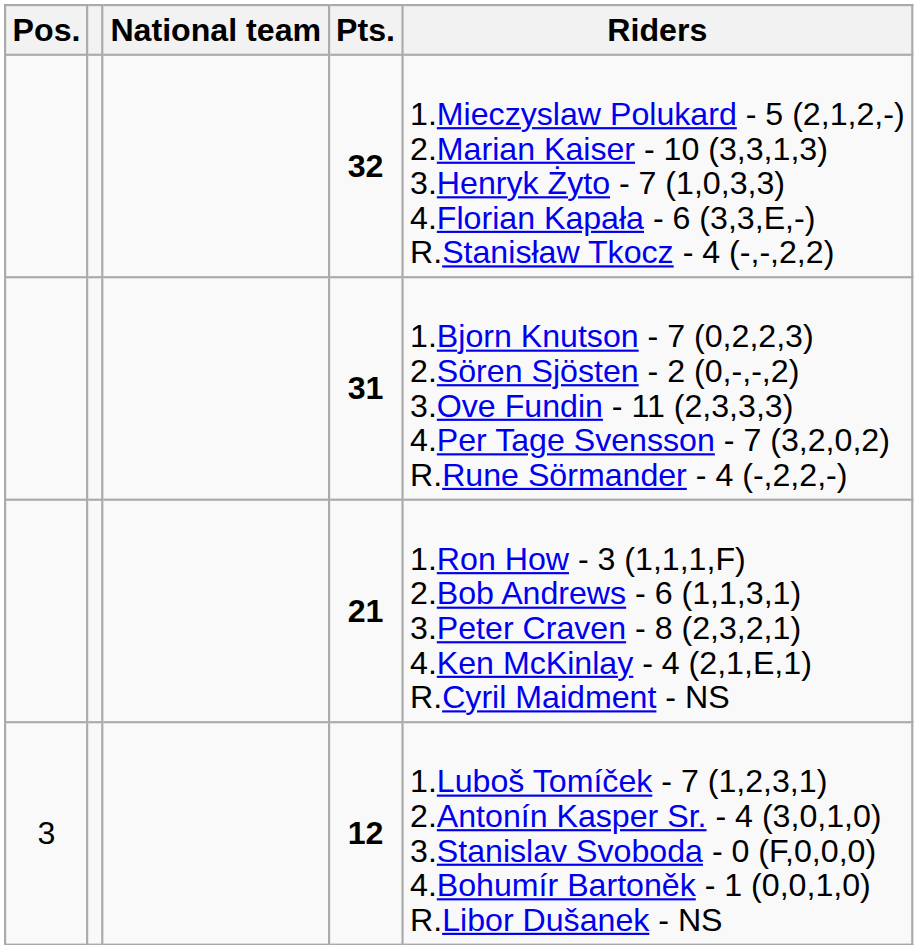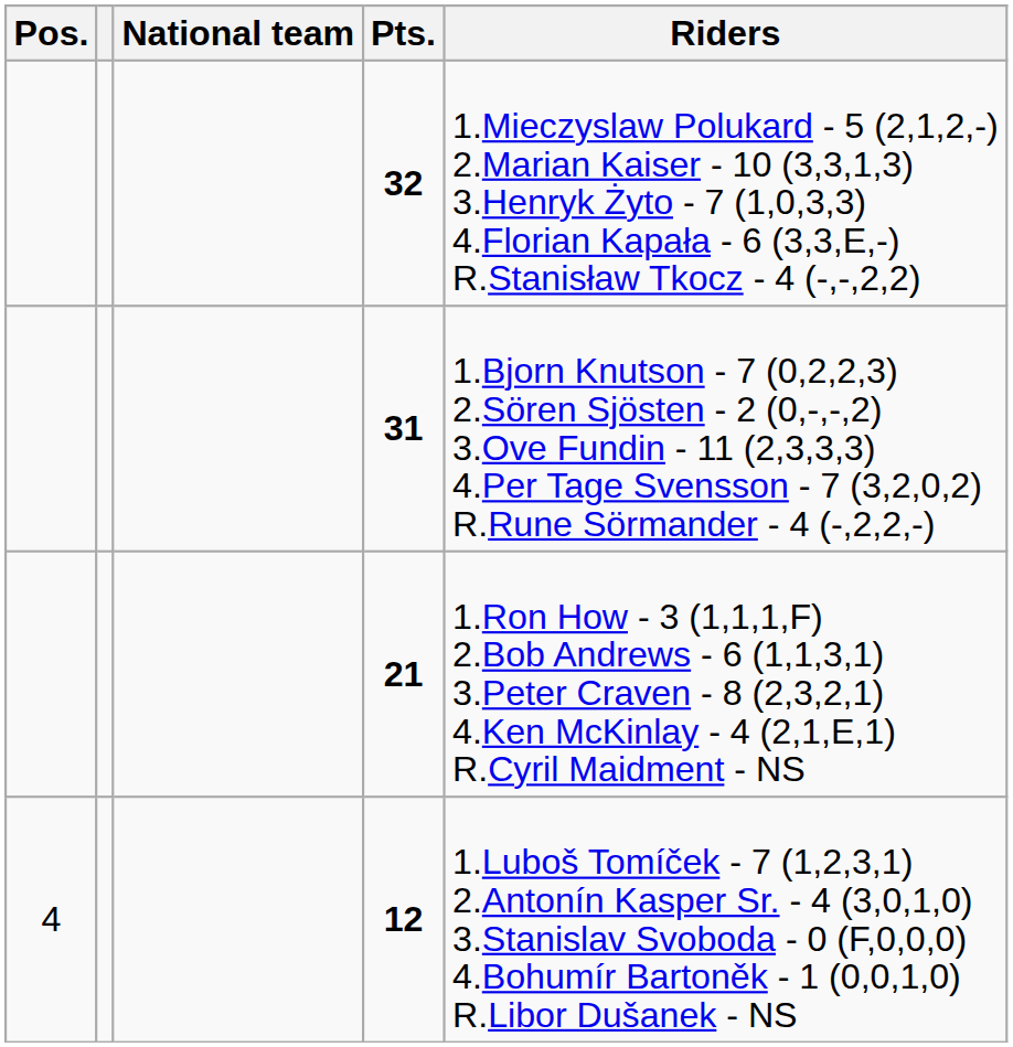 <table class=wikitable style="font-size:93%;">
 <tr>
 <th>Pos.</th>
 <th></th>
 <th>National team</th>
 <th>Pts.</th>
 <th>Riders</th>
 </tr>
 <tr align=center >
 <td></td>
 <td></td>
 <td align=left></td>
 <td><strong>32</strong></td>
 <td align=left><br>1.<a href='#'>Mieczyslaw Polukard</a> - 5 (2,1,2,-)<br> 2.<a href='#'>Marian Kaiser</a> - 10 (3,3,1,3)<br> 3.<a href='#'>Henryk Żyto</a> - 7 (1,0,3,3)<br> 4.<a href='#'>Florian Kapała</a> - 6 (3,3,E,-)<br> R.<a href='#'>Stanisław Tkocz</a> - 4 (-,-,2,2)</td>
 </tr>
 <tr align=center >
 <td></td>
 <td></td>
 <td align=left></td>
 <td><strong>31</strong></td>
 <td align=left><br>1.<a href='#'>Bjorn Knutson</a> - 7 (0,2,2,3)<br> 2.<a href='#'>Sören Sjösten</a> - 2 (0,-,-,2)<br> 3.<a href='#'>Ove Fundin</a> - 11 (2,3,3,3)<br> 4.<a href='#'>Per Tage Svensson</a> - 7 (3,2,0,2)<br> R.<a href='#'>Rune Sörmander</a> - 4 (-,2,2,-)</td>
 </tr>
 <tr align=center >
 <td></td>
 <td></td>
 <td align=left></td>
 <td><strong>21</strong></td>
 <td align=left><br>1.<a href='#'>Ron How</a> - 3 (1,1,1,F)<br> 2.<a href='#'>Bob Andrews</a> - 6 (1,1,3,1)<br> 3.<a href='#'>Peter Craven</a> - 8 (2,3,2,1)<br> 4.<a href='#'>Ken McKinlay</a> - 4 (2,1,E,1)<br> R.<a href='#'>Cyril Maidment</a> - NS</td>
 </tr>
 <tr align=center>
-<td>3</td>
+<td>4</td>
 <td></td>
 <td align=left></td>
 <td><strong>12</strong></td>
 <td align=left><br>1.<a href='#'>Luboš Tomíček</a> - 7 (1,2,3,1)<br> 2.<a href='#'>Antonín Kasper Sr.</a> - 4 (3,0,1,0)<br> 3.<a href='#'>Stanislav Svoboda</a> - 0 (F,0,0,0)<br> 4.<a href='#'>Bohumír Bartoněk</a> - 1 (0,0,1,0)<br> R.<a href='#'>Libor Dušanek</a> - NS</td>
 </tr>
 </table>
